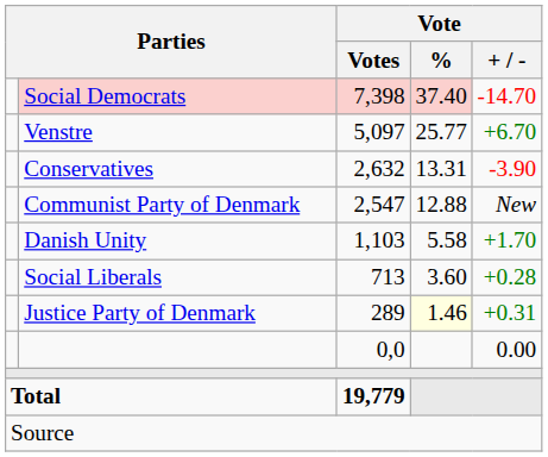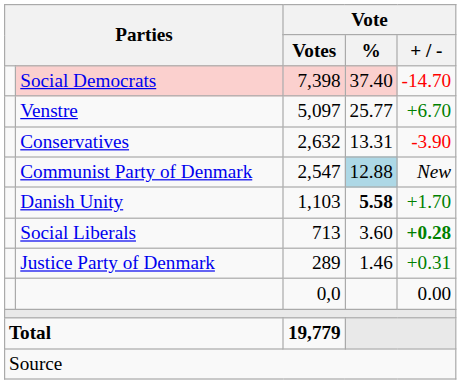 <table class="wikitable" style="text-align:right;">
 <tr>
 <th style="text-align:centre;" rowspan="2" colspan="2" width="225">Parties</th>
 <th colspan="3">Vote</th>
 </tr>
 <tr>
 <th width="15">Votes</th>
 <th width="15">%</th>
 <th width="15">+ / -</th>
 </tr>
 <tr>
 <td width="2" style="color:inherit;background:"></td>
 <td bgcolor=#fbd0ce  align="left"><a href='#'>Social Democrats</a></td>
 <td bgcolor=#fbd0ce>7,398</td>
 <td bgcolor=#fbd0ce>37.40</td>
 <td style=color:red;>-14.70</td>
 </tr>
 <tr>
 <td width="2" style="color:inherit;background:"></td>
 <td align="left"><a href='#'>Venstre</a></td>
 <td>5,097</td>
 <td>25.77</td>
 <td style=color:green;>+6.70</td>
 </tr>
 <tr>
 <td width="2" style="color:inherit;background:"></td>
 <td align="left"><a href='#'>Conservatives</a></td>
 <td>2,632</td>
 <td>13.31</td>
 <td style=color:red;>-3.90</td>
 </tr>
 <tr>
 <td width="2" style="color:inherit;background:"></td>
 <td align="left"><a href='#'>Communist Party of Denmark</a></td>
 <td>2,547</td>
-<td>12.88</td>
+<td style="background: lightblue;">12.88</td>
 <td><em>New</em></td>
 </tr>
 <tr>
 <td width="2" style="color:inherit;background:"></td>
 <td align="left"><a href='#'>Danish Unity</a></td>
 <td>1,103</td>
-<td>5.58</td>
+<td><strong>5.58</strong></td>
 <td style=color:green;>+1.70</td>
 </tr>
 <tr>
 <td width="2" style="color:inherit;background:"></td>
 <td align="left"><a href='#'>Social Liberals</a></td>
 <td>713</td>
 <td>3.60</td>
-<td style=color:green;>+0.28</td>
+<td style=color:green;><strong>+0.28</strong></td>
 </tr>
 <tr>
 <td width="2" style="color:inherit;background:"></td>
 <td align="left"><a href='#'>Justice Party of Denmark</a></td>
 <td>289</td>
-<td style="background: lightyellow;">1.46</td>
+<td>1.46</td>
 <td style=color:green;>+0.31</td>
 </tr>
 <tr>
 <td width="2" style="color:inherit;background:"></td>
 <td align="left"></td>
 <td>0,0</td>
 <td></td>
 <td>0.00</td>
 </tr>
 <tr>
 <td colspan="7" bgcolor="#E9E9E9"></td>
 </tr>
 <tr>
 <td align="left" colspan="2"><strong>Total</strong></td>
 <td><strong>19,779</strong></td>
 <td bgcolor="#E9E9E9" colspan="2"></td>
 </tr>
 <tr>
 <td align="left" colspan="6">Source</td>
 </tr>
 </table>
